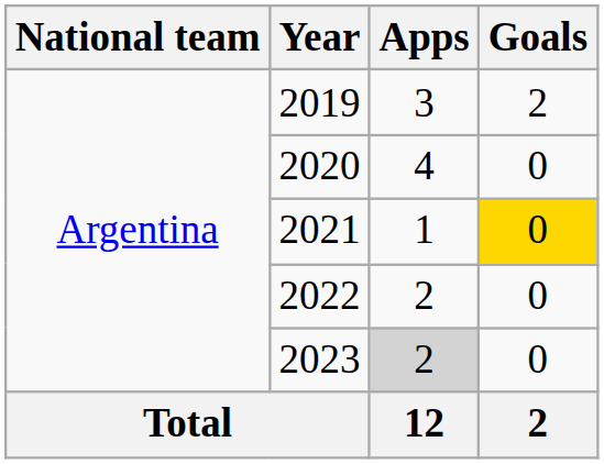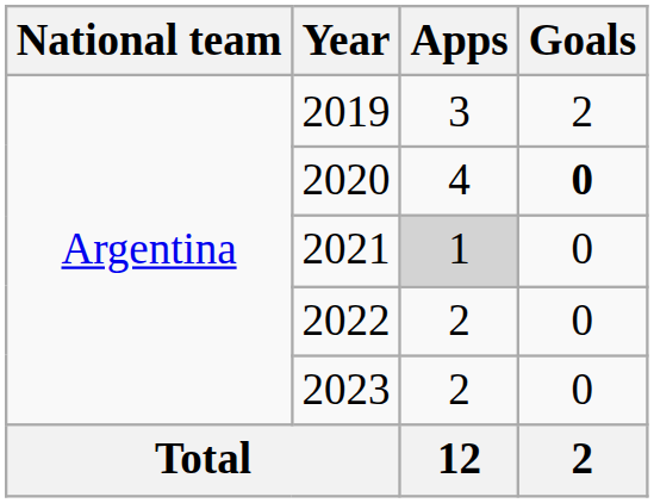 <table class="wikitable" style="text-align:center">
 <tr>
 <th>National team</th>
 <th>Year</th>
 <th>Apps</th>
 <th>Goals</th>
 </tr>
 <tr>
 <td rowspan="5"><a href='#'>Argentina</a></td>
 <td>2019</td>
 <td>3</td>
 <td>2</td>
 </tr>
 <tr>
 <td>2020</td>
 <td>4</td>
-<td>0</td>
+<td><strong>0</strong></td>
 </tr>
 <tr>
 <td>2021</td>
-<td>1</td>
-<td style="background: gold;">0</td>
+<td style="background: lightgrey;">1</td>
+<td>0</td>
 </tr>
 <tr>
 <td>2022</td>
 <td>2</td>
 <td>0</td>
 </tr>
 <tr>
 <td>2023</td>
-<td style="background: lightgrey;">2</td>
+<td>2</td>
 <td>0</td>
 </tr>
 <tr>
 <th colspan="2">Total</th>
 <th>12</th>
 <th>2</th>
 </tr>
 </table>
